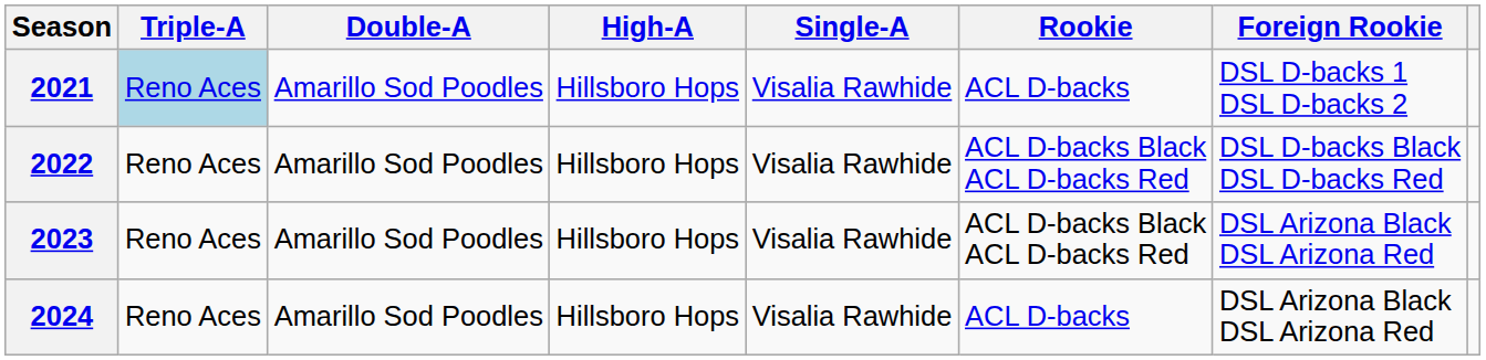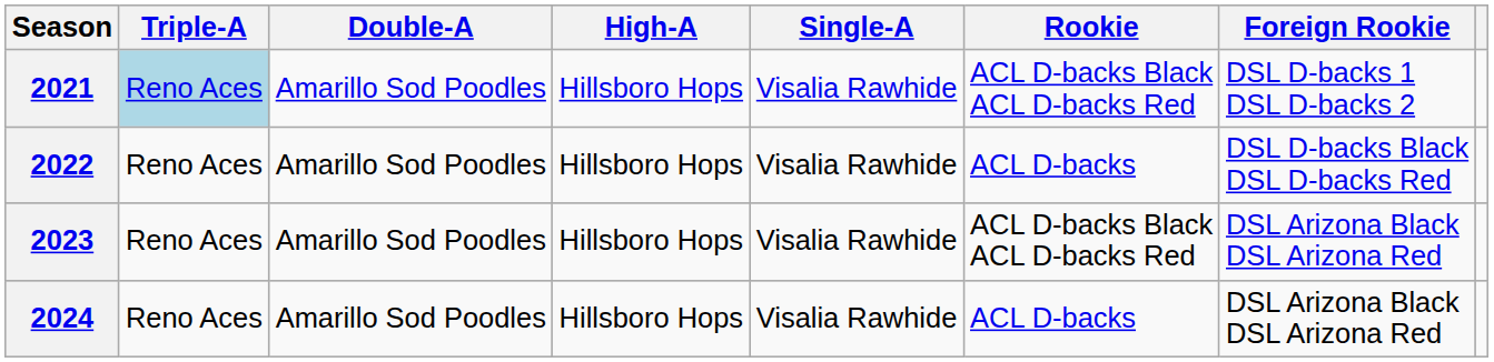 <table class="wikitable plainrowheaders">
 <tr>
 <th scope="col">Season</th>
 <th scope="col"><a href='#'><span>Triple-A</span></a></th>
 <th scope="col"><a href='#'><span>Double-A</span></a></th>
 <th scope="col"><a href='#'><span>High-A</span></a></th>
 <th scope="col"><a href='#'><span>Single-A</span></a></th>
 <th scope="col"><a href='#'><span>Rookie</span></a></th>
 <th scope="col"><a href='#'><span>Foreign Rookie</span></a></th>
 <th scope="col"></th>
 </tr>
 <tr>
 <th scope="row" style="text-align:center"><a href='#'>2021</a></th>
 <td style="background: lightblue;"><a href='#'>Reno Aces</a></td>
 <td><a href='#'>Amarillo Sod Poodles</a></td>
 <td><a href='#'>Hillsboro Hops</a></td>
 <td><a href='#'>Visalia Rawhide</a></td>
-<td><a href='#'>ACL D-backs</a></td>
+<td><a href='#'>ACL D-backs Black</a><br><a href='#'>ACL D-backs Red</a></td>
 <td><a href='#'>DSL D-backs 1</a><br><a href='#'>DSL D-backs 2</a></td>
 <td align="center"></td>
 </tr>
 <tr>
 <th scope="row" style="text-align:center"><a href='#'>2022</a></th>
 <td>Reno Aces</td>
 <td>Amarillo Sod Poodles</td>
 <td>Hillsboro Hops</td>
 <td>Visalia Rawhide</td>
-<td><a href='#'>ACL D-backs Black</a><br><a href='#'>ACL D-backs Red</a></td>
+<td><a href='#'>ACL D-backs</a></td>
 <td><a href='#'>DSL D-backs Black</a><br><a href='#'>DSL D-backs Red</a></td>
 <td align="center"></td>
 </tr>
 <tr>
 <th scope="row" style="text-align:center"><a href='#'>2023</a></th>
 <td>Reno Aces</td>
 <td>Amarillo Sod Poodles</td>
 <td>Hillsboro Hops</td>
 <td>Visalia Rawhide</td>
 <td>ACL D-backs Black<br>ACL D-backs Red</td>
 <td><a href='#'>DSL Arizona Black</a><br><a href='#'>DSL Arizona Red</a></td>
 <td align="center"></td>
 </tr>
 <tr>
 <th scope="row" style="text-align:center"><a href='#'>2024</a></th>
 <td>Reno Aces</td>
 <td>Amarillo Sod Poodles</td>
 <td>Hillsboro Hops</td>
 <td>Visalia Rawhide</td>
 <td><a href='#'>ACL D-backs</a></td>
 <td>DSL Arizona Black<br>DSL Arizona Red</td>
 <td align="center"></td>
 </tr>
 </table>
